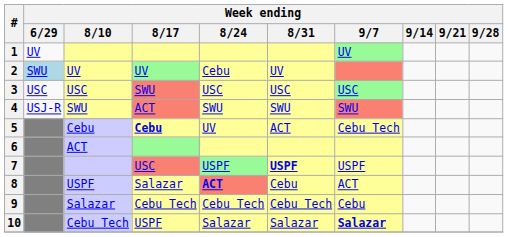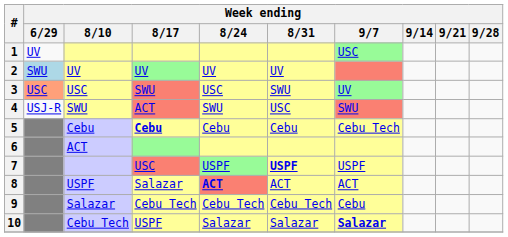 <table class=wikitable style="font-size:92%;">
 <tr>
 <th rowspan=2>#</th>
 <th colspan=9>Week ending</th>
 </tr>
 <tr>
 <th>6/29</th>
 <th>8/10</th>
 <th>8/17</th>
 <th>8/24</th>
 <th>8/31</th>
 <th>9/7</th>
 <th>9/14</th>
 <th>9/21</th>
 <th>9/28</th>
 </tr>
 <tr>
 <th>1</th>
 <td> <a href='#'>UV</a></td>
 <td bgcolor="#ffff99"></td>
 <td bgcolor="#ffff99"></td>
 <td bgcolor="#ffff99"></td>
 <td bgcolor="#ffff99"></td>
-<td bgcolor="#98fb98"> <a href='#'>UV</a></td>
+<td bgcolor="#98fb98"> <a href='#'>USC</a></td>
 <td></td>
 <td></td>
 <td></td>
 </tr>
 <tr>
 <th>2</th>
 <td style="background: lightblue;"> <a href='#'>SWU</a></td>
 <td bgcolor="#ffff99"> <a href='#'>UV</a></td>
 <td bgcolor="#98fb98"> <a href='#'>UV</a></td>
-<td bgcolor="#ffff99"> <a href='#'>Cebu</a></td>
+<td bgcolor="#ffff99"> <a href='#'>UV</a></td>
 <td bgcolor="#ffff99"> <a href='#'>UV</a></td>
 <td bgcolor="#fa8072"></td>
 <td></td>
 <td></td>
 <td></td>
 </tr>
 <tr>
 <th>3</th>
-<td> <a href='#'>USC</a></td>
+<td style="background: lightsalmon;"> <a href='#'>USC</a></td>
 <td bgcolor="#ffff99"> <a href='#'>USC</a></td>
 <td bgcolor="#fa8072"> <a href='#'>SWU</a></td>
 <td bgcolor="#ffff99"> <a href='#'>USC</a></td>
-<td bgcolor="#ffff99"> <a href='#'>USC</a></td>
-<td bgcolor="#98fb98"> <a href='#'>USC</a></td>
+<td bgcolor="#ffff99"> <a href='#'>SWU</a></td>
+<td bgcolor="#98fb98"> <a href='#'>UV</a></td>
 <td></td>
 <td></td>
 <td></td>
 </tr>
 <tr>
 <th>4</th>
 <td> <a href='#'>USJ-R</a></td>
 <td bgcolor="#ffff99"> <a href='#'>SWU</a></td>
 <td bgcolor="#fa8072"> <a href='#'>ACT</a></td>
 <td bgcolor="#ffff99"> <a href='#'>SWU</a></td>
-<td bgcolor="#ffff99"> <a href='#'>SWU</a></td>
+<td bgcolor="#ffff99"> <a href='#'>USC</a></td>
 <td bgcolor="#fa8072"> <a href='#'>SWU</a></td>
 <td></td>
 <td></td>
 <td></td>
 </tr>
 <tr>
 <th>5</th>
 <td bgcolor=gray></td>
 <td bgcolor="#CCCCFF"> <a href='#'>Cebu</a></td>
 <td bgcolor="#ffff99"><strong> <a href='#'>Cebu</a></strong></td>
-<td bgcolor="#ffff99"> <a href='#'>UV</a></td>
-<td bgcolor="#ffff99"> <a href='#'>ACT</a></td>
+<td bgcolor="#ffff99"> <a href='#'>Cebu</a></td>
+<td bgcolor="#ffff99"> <a href='#'>Cebu</a></td>
 <td bgcolor="#ffff99"> <a href='#'>Cebu Tech</a></td>
 <td></td>
 <td></td>
 <td></td>
 </tr>
 <tr>
 <th>6</th>
 <td bgcolor=gray></td>
 <td bgcolor="#CCCCFF"> <a href='#'>ACT</a></td>
 <td bgcolor="#98fb98"></td>
 <td bgcolor="#ffff99"></td>
 <td bgcolor="#ffff99"></td>
 <td bgcolor="#ffff99"></td>
 <td></td>
 <td></td>
 <td></td>
 </tr>
 <tr>
 <th>7</th>
 <td bgcolor=gray></td>
 <td bgcolor="#CCCCFF"></td>
 <td bgcolor="#fa8072"> <a href='#'>USC</a></td>
 <td bgcolor="#98fb98"> <a href='#'>USPF</a></td>
 <td bgcolor="#ffff99"><strong> <a href='#'>USPF</a></strong></td>
 <td bgcolor="#ffff99"> <a href='#'>USPF</a></td>
 <td></td>
 <td></td>
 <td></td>
 </tr>
 <tr>
 <th>8</th>
 <td bgcolor=gray></td>
 <td bgcolor="#CCCCFF"> <a href='#'>USPF</a></td>
 <td bgcolor="#ffff99"><a href='#'>Salazar</a></td>
 <td bgcolor="#fa8072"><strong> <a href='#'>ACT</a></strong></td>
-<td bgcolor="#ffff99"> <a href='#'>Cebu</a></td>
+<td bgcolor="#ffff99"> <a href='#'>ACT</a></td>
 <td bgcolor="#ffff99"> <a href='#'>ACT</a></td>
 <td></td>
 <td></td>
 <td></td>
 </tr>
 <tr>
 <th>9</th>
 <td bgcolor=gray></td>
 <td bgcolor="#CCCCFF"><a href='#'>Salazar</a></td>
 <td bgcolor="#ffff99"> <a href='#'>Cebu Tech</a></td>
 <td bgcolor="#ffff99"> <a href='#'>Cebu Tech</a></td>
 <td bgcolor="#ffff99"> <a href='#'>Cebu Tech</a></td>
 <td bgcolor="#ffff99"> <a href='#'>Cebu</a></td>
 <td></td>
 <td></td>
 <td></td>
 </tr>
 <tr>
 <th>10</th>
 <td bgcolor=gray></td>
 <td bgcolor="#CCCCFF"> <a href='#'>Cebu Tech</a></td>
 <td bgcolor="#ffff99"> <a href='#'>USPF</a></td>
 <td bgcolor="#ffff99"><a href='#'>Salazar</a></td>
 <td bgcolor="#ffff99"><a href='#'>Salazar</a></td>
 <td bgcolor="#ffff99"><strong><a href='#'>Salazar</a></strong></td>
 <td></td>
 <td></td>
 <td></td>
 </tr>
 <tr>
 </tr>
 </table>
